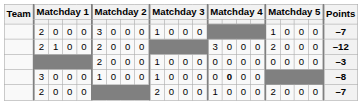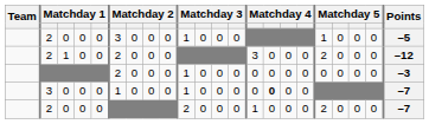 <table class="wikitable sortable" style="text-align:center;">
 <tr>
 <th rowspan=2>Team</th>
 <th colspan=4 style="border-left:3px solid gray">Matchday 1</th>
 <th colspan=4 style="border-left:3px solid gray">Matchday 2</th>
 <th colspan=4 style="border-left:3px solid gray">Matchday 3</th>
 <th colspan=4 style="border-left:3px solid gray">Matchday 4</th>
 <th colspan=4 style="border-left:3px solid gray">Matchday 5</th>
 <th rowspan=2 style="border-left:3px solid gray">Points</th>
 </tr>
 <tr>
 <th style="border-left:3px solid gray"></th>
 <th></th>
 <th></th>
 <th></th>
 <th style="border-left:3px solid gray"></th>
 <th></th>
 <th></th>
 <th></th>
 <th style="border-left:3px solid gray"></th>
 <th></th>
 <th></th>
 <th></th>
 <th style="border-left:3px solid gray"></th>
 <th></th>
 <th></th>
 <th></th>
 <th style="border-left:3px solid gray"></th>
 <th></th>
 <th></th>
 <th></th>
 </tr>
 <tr>
 <td align=left></td>
 <td style="border-left:3px solid gray">2</td>
 <td>0</td>
 <td>0</td>
 <td>0</td>
 <td style="border-left:3px solid gray">3</td>
 <td>0</td>
 <td>0</td>
 <td>0</td>
 <td style="border-left:3px solid gray">1</td>
 <td>0</td>
 <td>0</td>
 <td>0</td>
 <td style="border-left:3px solid gray" bgcolor="gray" colspan="4"></td>
 <td style="border-left:3px solid gray">1</td>
 <td>0</td>
 <td>0</td>
 <td>0</td>
-<th style="border-left:3px solid gray">–7</th>
+<th style="border-left:3px solid gray">–5</th>
 </tr>
 <tr>
 <td align=left></td>
 <td style="border-left:3px solid gray">2</td>
 <td>1</td>
 <td>0</td>
 <td>0</td>
 <td style="border-left:3px solid gray">2</td>
 <td>0</td>
 <td>0</td>
 <td>0</td>
 <td style="border-left:3px solid gray" bgcolor="gray" colspan="4"></td>
 <td style="border-left:3px solid gray">3</td>
 <td>0</td>
 <td>0</td>
 <td>0</td>
 <td style="border-left:3px solid gray">2</td>
 <td>0</td>
 <td>0</td>
 <td>0</td>
 <th style="border-left:3px solid gray">–12</th>
 </tr>
 <tr>
 <td align=left></td>
 <td style="border-left:3px solid gray" bgcolor="gray" colspan="4"></td>
 <td style="border-left:3px solid gray">2</td>
 <td>0</td>
 <td>0</td>
 <td>0</td>
 <td style="border-left:3px solid gray">1</td>
 <td>0</td>
 <td>0</td>
 <td>0</td>
 <td style="border-left:3px solid gray">0</td>
 <td>0</td>
 <td>0</td>
 <td>0</td>
 <td style="border-left:3px solid gray">0</td>
 <td>0</td>
 <td>0</td>
 <td>0</td>
 <th style="border-left:3px solid gray">–3</th>
 </tr>
 <tr>
 <td align=left></td>
 <td style="border-left:3px solid gray">3</td>
 <td>0</td>
 <td>0</td>
 <td>0</td>
 <td style="border-left:3px solid gray">1</td>
 <td>0</td>
 <td>0</td>
 <td>0</td>
 <td style="border-left:3px solid gray">1</td>
 <td>0</td>
 <td>0</td>
 <td>0</td>
 <td style="border-left:3px solid gray">0</td>
 <td><strong>0</strong></td>
 <td>0</td>
 <td>0</td>
 <td style="border-left:3px solid gray" bgcolor="gray" colspan="4"></td>
-<th style="border-left:3px solid gray">–8</th>
+<th style="border-left:3px solid gray">–7</th>
 </tr>
 <tr>
 <td align=left></td>
 <td style="border-left:3px solid gray">2</td>
 <td>0</td>
 <td>0</td>
 <td>0</td>
 <td style="border-left:3px solid gray" bgcolor="gray" colspan="4"></td>
 <td style="border-left:3px solid gray">2</td>
 <td>0</td>
 <td>0</td>
 <td>0</td>
 <td style="border-left:3px solid gray">1</td>
 <td>0</td>
 <td>0</td>
 <td>0</td>
 <td style="border-left:3px solid gray">2</td>
 <td>0</td>
 <td>0</td>
 <td>0</td>
 <th style="border-left:3px solid gray">–7</th>
 </tr>
 </table>
